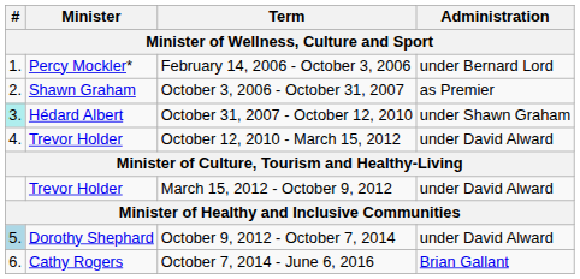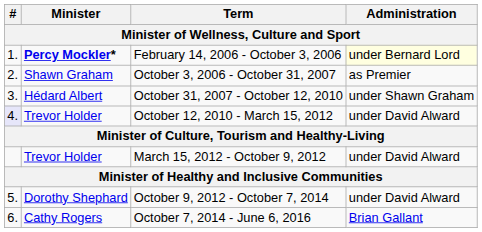 <table class="wikitable">
 <tr>
 <th>#</th>
 <th>Minister</th>
 <th>Term</th>
 <th>Administration</th>
 </tr>
 <tr>
 <th colspan=4>Minister of Wellness, Culture and Sport</th>
 </tr>
 <tr>
 <td>1.</td>
-<td><a href='#'>Percy Mockler</a>*</td>
+<td><strong><a href='#'>Percy Mockler</a>*</strong></td>
 <td>February 14, 2006 - October 3, 2006</td>
-<td>under Bernard Lord</td>
+<td style="background: lightyellow;">under Bernard Lord</td>
 </tr>
 <tr>
 <td>2.</td>
 <td><a href='#'>Shawn Graham</a></td>
 <td>October 3, 2006 - October 31, 2007</td>
 <td>as Premier</td>
 </tr>
 <tr>
-<td style="background: paleturquoise;">3.</td>
+<td>3.</td>
 <td><a href='#'>Hédard Albert</a></td>
 <td>October 31, 2007 - October 12, 2010</td>
 <td>under Shawn Graham</td>
 </tr>
 <tr>
-<td>4.</td>
+<td style="background: lavender;">4.</td>
 <td><a href='#'>Trevor Holder</a></td>
 <td>October 12, 2010 - March 15, 2012</td>
 <td>under David Alward</td>
 </tr>
 <tr>
 <th colspan=4>Minister of Culture, Tourism and Healthy-Living</th>
 </tr>
 <tr>
 <td></td>
 <td><a href='#'>Trevor Holder</a></td>
 <td>March 15, 2012 - October 9, 2012</td>
 <td>under David Alward</td>
 </tr>
 <tr>
 <th colspan=4>Minister of Healthy and Inclusive Communities</th>
 </tr>
 <tr>
-<td style="background: lightblue;">5.</td>
+<td>5.</td>
 <td><a href='#'>Dorothy Shephard</a></td>
 <td>October 9, 2012 - October 7, 2014</td>
 <td>under David Alward</td>
 </tr>
 <tr>
 <td>6.</td>
 <td><a href='#'>Cathy Rogers</a></td>
 <td>October 7, 2014 - June 6, 2016</td>
 <td><a href='#'>Brian Gallant</a></td>
 </tr>
 </table>
